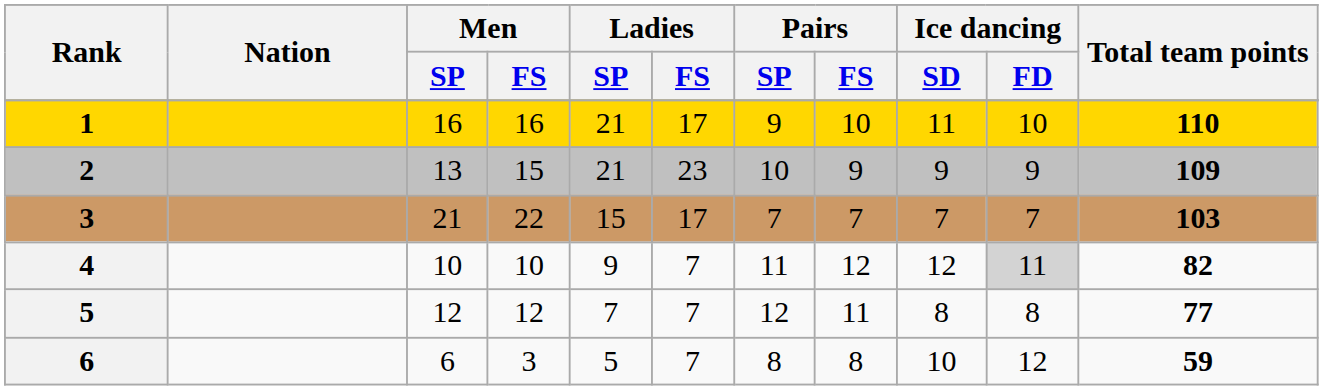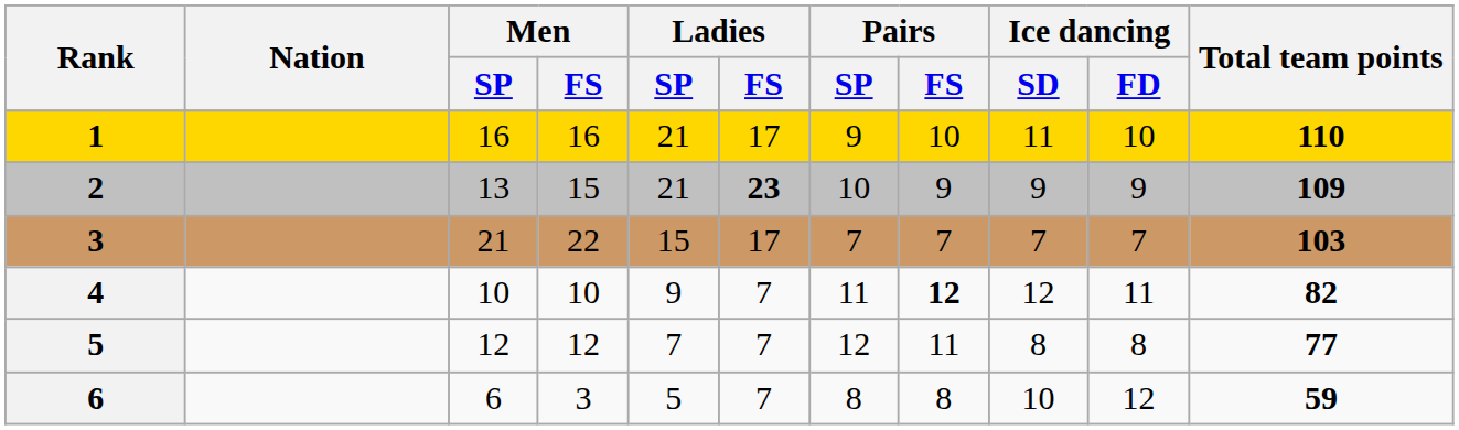 <table class="wikitable">
 <tr>
 <th rowspan="2" width="80px">Rank</th>
 <th rowspan="2" width="120px">Nation</th>
 <th colspan="2" width="80px">Men</th>
 <th colspan="2" width="80px">Ladies</th>
 <th colspan="2" width="80px">Pairs</th>
 <th colspan="2" width="90px">Ice dancing</th>
 <th rowspan="2" width="120px">Total team points</th>
 </tr>
 <tr>
 <th><a href='#'>SP</a></th>
 <th><a href='#'>FS</a></th>
 <th><a href='#'>SP</a></th>
 <th><a href='#'>FS</a></th>
 <th><a href='#'>SP</a></th>
 <th><a href='#'>FS</a></th>
 <th><a href='#'>SD</a></th>
 <th><a href='#'>FD</a></th>
 </tr>
 <tr>
 </tr>
 <tr bgcolor="gold">
 <td align="center"><strong>1</strong></td>
 <td></td>
 <td align="center">16</td>
 <td align="center">16</td>
 <td align="center">21</td>
 <td align="center">17</td>
 <td align="center">9</td>
 <td align="center">10</td>
 <td align="center">11</td>
 <td align="center">10</td>
 <td align="center"><strong>110</strong></td>
 </tr>
 <tr bgcolor="silver">
 <td align="center"><strong>2</strong></td>
 <td></td>
 <td align="center">13</td>
 <td align="center">15</td>
 <td align="center">21</td>
-<td align="center">23</td>
+<td align="center"><strong>23</strong></td>
 <td align="center">10</td>
 <td align="center">9</td>
 <td align="center">9</td>
 <td align="center">9</td>
 <td align="center"><strong>109</strong></td>
 </tr>
 <tr bgcolor="cc9966">
 <td align="center"><strong>3</strong></td>
 <td></td>
 <td align="center">21</td>
 <td align="center">22</td>
 <td align="center">15</td>
 <td align="center">17</td>
 <td align="center">7</td>
 <td align="center">7</td>
 <td align="center">7</td>
 <td align="center">7</td>
 <td align="center"><strong>103</strong></td>
 </tr>
 <tr>
 <th>4</th>
 <td></td>
 <td align="center">10</td>
 <td align="center">10</td>
 <td align="center">9</td>
 <td align="center">7</td>
 <td align="center">11</td>
+<td align="center"><strong>12</strong></td>
 <td align="center">12</td>
-<td align="center">12</td>
-<td align="center" style="background: lightgrey;">11</td>
+<td align="center">11</td>
 <td align="center"><strong>82</strong></td>
 </tr>
 <tr>
 <th>5</th>
 <td></td>
 <td align="center">12</td>
 <td align="center">12</td>
 <td align="center">7</td>
 <td align="center">7</td>
 <td align="center">12</td>
 <td align="center">11</td>
 <td align="center">8</td>
 <td align="center">8</td>
 <td align="center"><strong>77</strong></td>
 </tr>
 <tr>
 <th>6</th>
 <td></td>
 <td align="center">6</td>
 <td align="center">3</td>
 <td align="center">5</td>
 <td align="center">7</td>
 <td align="center">8</td>
 <td align="center">8</td>
 <td align="center">10</td>
 <td align="center">12</td>
 <td align="center"><strong>59</strong></td>
 </tr>
 </table>
